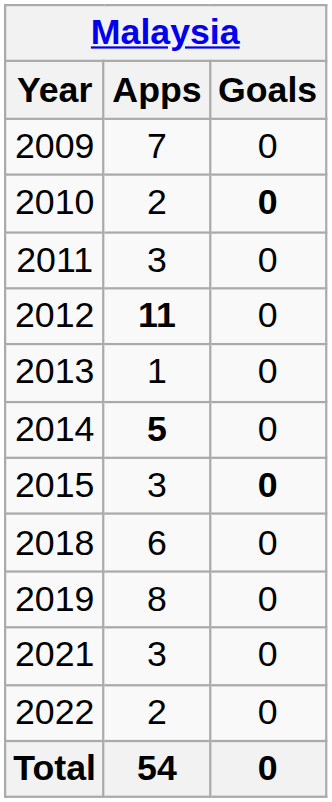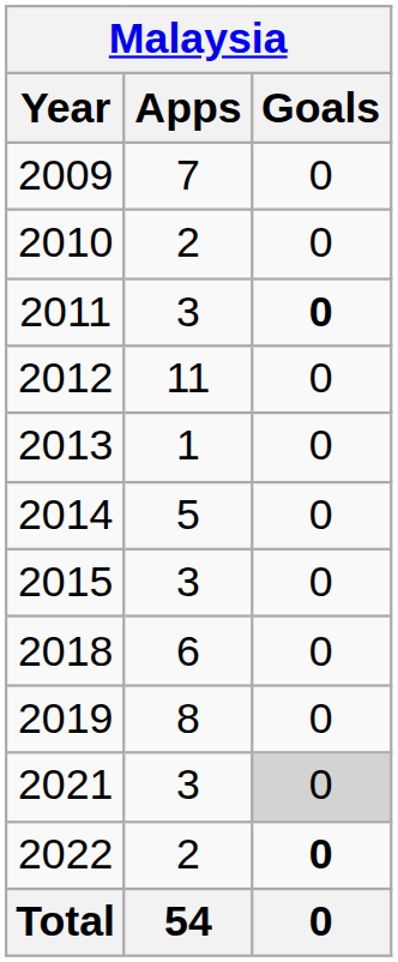 <table class=wikitable style="text-align:center">
 <tr>
 <th colspan=3><a href='#'>Malaysia</a></th>
 </tr>
 <tr>
 <th>Year</th>
 <th>Apps</th>
 <th>Goals</th>
 </tr>
 <tr>
 <td>2009</td>
 <td>7</td>
 <td>0</td>
 </tr>
 <tr>
 <td>2010</td>
 <td>2</td>
-<td><strong>0</strong></td>
+<td>0</td>
 </tr>
 <tr>
 <td>2011</td>
 <td>3</td>
-<td>0</td>
+<td><strong>0</strong></td>
 </tr>
 <tr>
 <td>2012</td>
-<td><strong>11</strong></td>
+<td>11</td>
 <td>0</td>
 </tr>
 <tr>
 <td>2013</td>
 <td>1</td>
 <td>0</td>
 </tr>
 <tr>
 <td>2014</td>
-<td><strong>5</strong></td>
+<td>5</td>
 <td>0</td>
 </tr>
 <tr>
 <td>2015</td>
 <td>3</td>
-<td><strong>0</strong></td>
+<td>0</td>
 </tr>
 <tr>
 <td>2018</td>
 <td>6</td>
 <td>0</td>
 </tr>
 <tr>
 <td>2019</td>
 <td>8</td>
 <td>0</td>
 </tr>
 <tr>
 <td>2021</td>
 <td>3</td>
-<td>0</td>
+<td style="background: lightgrey;">0</td>
 </tr>
 <tr>
 <td>2022</td>
 <td>2</td>
-<td>0</td>
+<td><strong>0</strong></td>
 </tr>
 <tr>
 <th>Total</th>
 <th>54</th>
 <th>0</th>
 </tr>
 </table>
